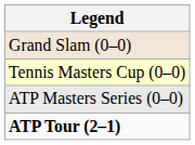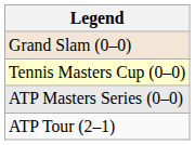 <table class="wikitable">
 <tr>
 <th>Legend</th>
 </tr>
 <tr bgcolor="#f3e6d7">
 <td>Grand Slam (0–0)</td>
 </tr>
 <tr bgcolor="ffffcc">
 <td>Tennis Masters Cup (0–0)</td>
 </tr>
 <tr bgcolor="#e9e9e9">
 <td>ATP Masters Series (0–0)</td>
 </tr>
 <tr>
-<td><strong>ATP Tour (2–1)</strong></td>
+<td>ATP Tour (2–1)</td>
 </tr>
 </table>
